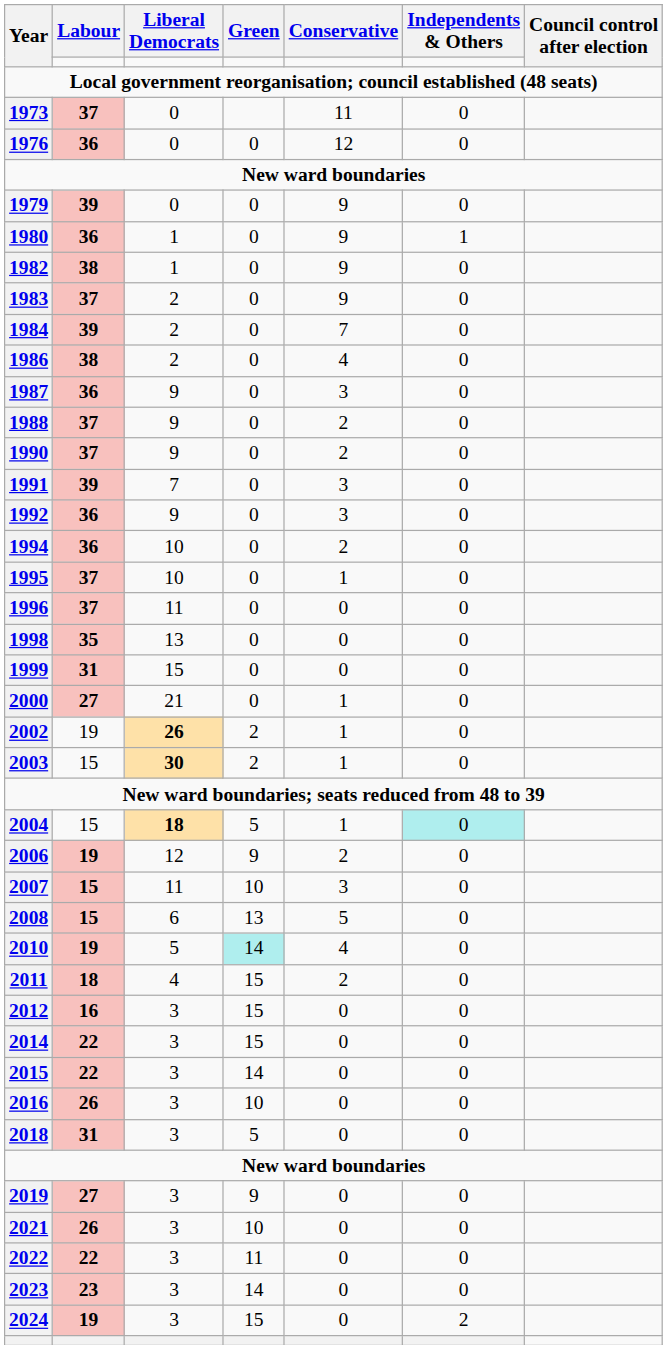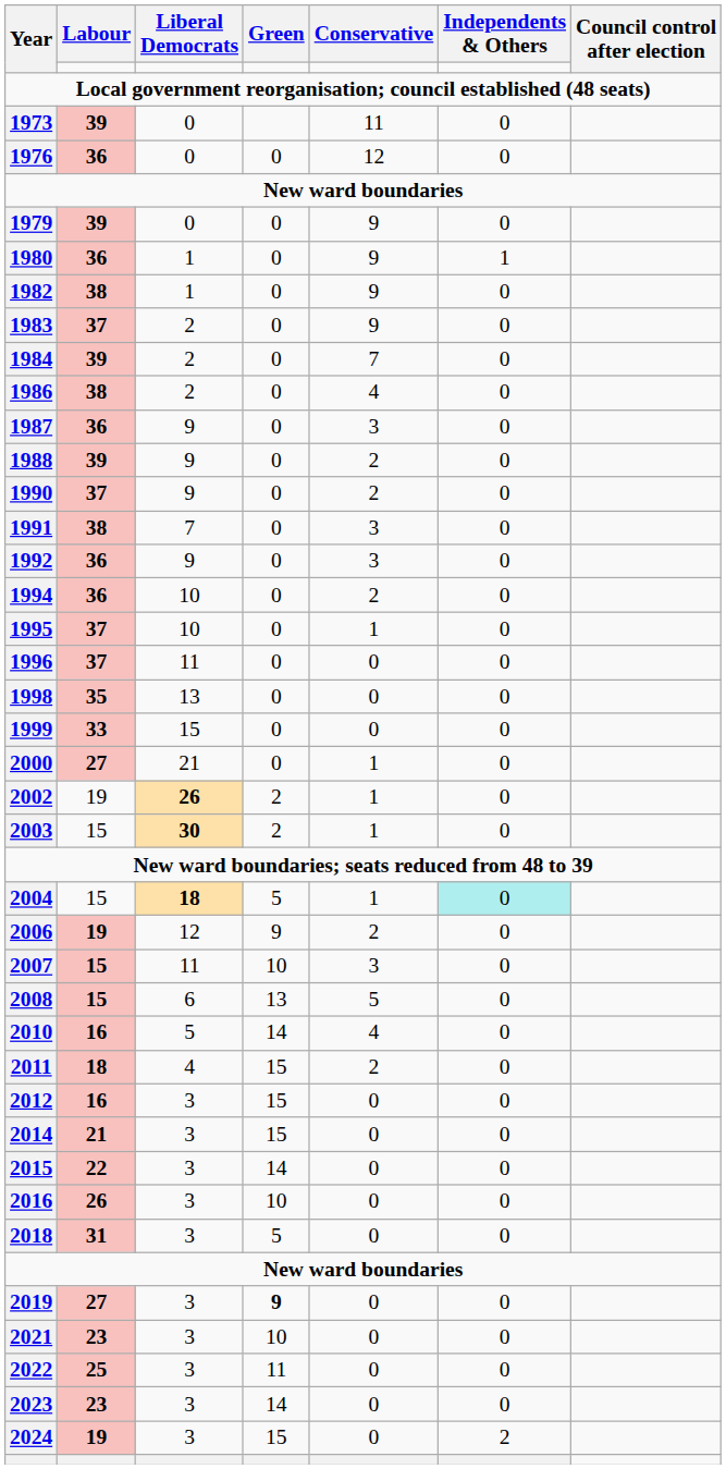 <table class="wikitable plainrowheaders" style="text-align:center">
 <tr>
 <th scope="col" rowspan="2">Year</th>
 <th scope="col"><a href='#'>Labour</a></th>
 <th scope="col" style="width:1px"><a href='#'>Liberal Democrats</a></th>
 <th scope="col"><a href='#'>Green</a></th>
 <th scope="col"><a href='#'>Conservative</a></th>
 <th scope="col"><a href='#'>Independents</a><br>& Others</th>
 <th scope="col" rowspan="2" colspan="2">Council control<br>after election</th>
 </tr>
 <tr>
 <td style="background:"></td>
 <td style="background:"></td>
 <td style="background:"></td>
 <td style="background:"></td>
 <td style="background:"></td>
 </tr>
 <tr>
 <td colspan="9"><strong>Local government reorganisation; council established (48 seats)</strong></td>
 </tr>
 <tr>
 <th scope="row"><a href='#'>1973</a></th>
-<td style="background:#F8C1BE;"><strong>37</strong></td>
+<td style="background:#F8C1BE;"><strong>39</strong></td>
 <td>0</td>
 <td></td>
 <td>11</td>
 <td>0</td>
 <td></td>
 </tr>
 <tr>
 <th scope="row"><a href='#'>1976</a></th>
 <td style="background:#F8C1BE;"><strong>36</strong></td>
 <td>0</td>
 <td>0</td>
 <td>12</td>
 <td>0</td>
 <td></td>
 </tr>
 <tr>
 <td colspan="9"><strong>New ward boundaries</strong></td>
 </tr>
 <tr>
 <th scope="row"><a href='#'>1979</a></th>
 <td style="background:#F8C1BE;"><strong>39</strong></td>
 <td>0</td>
 <td>0</td>
 <td>9</td>
 <td>0</td>
 <td></td>
 </tr>
 <tr>
 <th scope="row"><a href='#'>1980</a></th>
 <td style="background:#F8C1BE;"><strong>36</strong></td>
 <td>1</td>
 <td>0</td>
 <td>9</td>
 <td>1</td>
 <td></td>
 </tr>
 <tr>
 <th scope="row"><a href='#'>1982</a></th>
 <td style="background:#F8C1BE;"><strong>38</strong></td>
 <td>1</td>
 <td>0</td>
 <td>9</td>
 <td>0</td>
 <td></td>
 </tr>
 <tr>
 <th scope="row"><a href='#'>1983</a></th>
 <td style="background:#F8C1BE;"><strong>37</strong></td>
 <td>2</td>
 <td>0</td>
 <td>9</td>
 <td>0</td>
 <td></td>
 </tr>
 <tr>
 <th scope="row"><a href='#'>1984</a></th>
 <td style="background:#F8C1BE;"><strong>39</strong></td>
 <td>2</td>
 <td>0</td>
 <td>7</td>
 <td>0</td>
 <td></td>
 </tr>
 <tr>
 <th scope="row"><a href='#'>1986</a></th>
 <td style="background:#F8C1BE;"><strong>38</strong></td>
 <td>2</td>
 <td>0</td>
 <td>4</td>
 <td>0</td>
 <td></td>
 </tr>
 <tr>
 <th scope="row"><a href='#'>1987</a></th>
 <td style="background:#F8C1BE;"><strong>36</strong></td>
 <td>9</td>
 <td>0</td>
 <td>3</td>
 <td>0</td>
 <td></td>
 </tr>
 <tr>
 <th scope="row"><a href='#'>1988</a></th>
-<td style="background:#F8C1BE;"><strong>37</strong></td>
+<td style="background:#F8C1BE;"><strong>39</strong></td>
 <td>9</td>
 <td>0</td>
 <td>2</td>
 <td>0</td>
 <td></td>
 </tr>
 <tr>
 <th scope="row"><a href='#'>1990</a></th>
 <td style="background:#F8C1BE;"><strong>37</strong></td>
 <td>9</td>
 <td>0</td>
 <td>2</td>
 <td>0</td>
 <td></td>
 </tr>
 <tr>
 <th scope="row"><a href='#'>1991</a></th>
-<td style="background:#F8C1BE;"><strong>39</strong></td>
+<td style="background:#F8C1BE;"><strong>38</strong></td>
 <td>7</td>
 <td>0</td>
 <td>3</td>
 <td>0</td>
 <td></td>
 </tr>
 <tr>
 <th scope="row"><a href='#'>1992</a></th>
 <td style="background:#F8C1BE;"><strong>36</strong></td>
 <td>9</td>
 <td>0</td>
 <td>3</td>
 <td>0</td>
 <td></td>
 </tr>
 <tr>
 <th scope="row"><a href='#'>1994</a></th>
 <td style="background:#F8C1BE;"><strong>36</strong></td>
 <td>10</td>
 <td>0</td>
 <td>2</td>
 <td>0</td>
 <td></td>
 </tr>
 <tr>
 <th scope="row"><a href='#'>1995</a></th>
 <td style="background:#F8C1BE;"><strong>37</strong></td>
 <td>10</td>
 <td>0</td>
 <td>1</td>
 <td>0</td>
 <td></td>
 </tr>
 <tr>
 <th scope="row"><a href='#'>1996</a></th>
 <td style="background:#F8C1BE;"><strong>37</strong></td>
 <td>11</td>
 <td>0</td>
 <td>0</td>
 <td>0</td>
 <td></td>
 </tr>
 <tr>
 <th scope="row"><a href='#'>1998</a></th>
 <td style="background:#F8C1BE;"><strong>35</strong></td>
 <td>13</td>
 <td>0</td>
 <td>0</td>
 <td>0</td>
 <td></td>
 </tr>
 <tr>
 <th scope="row"><a href='#'>1999</a></th>
-<td style="background:#F8C1BE;"><strong>31</strong></td>
+<td style="background:#F8C1BE;"><strong>33</strong></td>
 <td>15</td>
 <td>0</td>
 <td>0</td>
 <td>0</td>
 <td></td>
 </tr>
 <tr>
 <th scope="row"><a href='#'>2000</a></th>
 <td style="background:#F8C1BE;"><strong>27</strong></td>
 <td>21</td>
 <td>0</td>
 <td>1</td>
 <td>0</td>
 <td></td>
 </tr>
 <tr>
 <th scope="row"><a href='#'>2002</a></th>
 <td>19</td>
 <td style="background:#FEE1A8"><strong>26</strong></td>
 <td>2</td>
 <td>1</td>
 <td>0</td>
 <td></td>
 </tr>
 <tr>
 <th scope="row"><a href='#'>2003</a></th>
 <td>15</td>
 <td style="background:#FEE1A8"><strong>30</strong></td>
 <td>2</td>
 <td>1</td>
 <td>0</td>
 <td></td>
 </tr>
 <tr>
 <td colspan="9"><strong>New ward boundaries; seats reduced from 48 to 39</strong></td>
 </tr>
 <tr>
 <th scope="row"><a href='#'>2004</a></th>
 <td>15</td>
 <td style="background:#FEE1A8"><strong>18</strong></td>
 <td>5</td>
 <td>1</td>
 <td style="background: paleturquoise;">0</td>
 <td></td>
 </tr>
 <tr>
 <th scope="row"><a href='#'>2006</a></th>
 <td style="background:#F8C1BE;"><strong>19</strong></td>
 <td>12</td>
 <td>9</td>
 <td>2</td>
 <td>0</td>
 <td></td>
 </tr>
 <tr>
 <th scope="row"><a href='#'>2007</a></th>
 <td style="background:#F8C1BE;"><strong>15</strong></td>
 <td>11</td>
 <td>10</td>
 <td>3</td>
 <td>0</td>
 <td></td>
 </tr>
 <tr>
 <th scope="row"><a href='#'>2008</a></th>
 <td style="background:#F8C1BE;"><strong>15</strong></td>
 <td>6</td>
 <td>13</td>
 <td>5</td>
 <td>0</td>
 <td></td>
 </tr>
 <tr>
 <th scope="row"><a href='#'>2010</a></th>
-<td style="background:#F8C1BE;"><strong>19</strong></td>
+<td style="background:#F8C1BE;"><strong>16</strong></td>
 <td>5</td>
-<td style="background: paleturquoise;">14</td>
+<td>14</td>
 <td>4</td>
 <td>0</td>
 <td></td>
 </tr>
 <tr>
 <th scope="row"><a href='#'>2011</a></th>
 <td style="background:#F8C1BE;"><strong>18</strong></td>
 <td>4</td>
 <td>15</td>
 <td>2</td>
 <td>0</td>
 <td></td>
 </tr>
 <tr>
 <th scope="row"><a href='#'>2012</a></th>
 <td style="background:#F8C1BE;"><strong>16</strong></td>
 <td>3</td>
 <td>15</td>
 <td>0</td>
 <td>0</td>
 <td></td>
 </tr>
 <tr>
 <th scope="row"><a href='#'>2014</a></th>
-<td style="background:#F8C1BE;"><strong>22</strong></td>
+<td style="background:#F8C1BE;"><strong>21</strong></td>
 <td>3</td>
 <td>15</td>
 <td>0</td>
 <td>0</td>
 <td></td>
 </tr>
 <tr>
 <th scope="row"><a href='#'>2015</a></th>
 <td style="background:#F8C1BE;"><strong>22</strong></td>
 <td>3</td>
 <td>14</td>
 <td>0</td>
 <td>0</td>
 <td></td>
 </tr>
 <tr>
 <th scope="row"><a href='#'>2016</a></th>
 <td style="background:#F8C1BE;"><strong>26</strong></td>
 <td>3</td>
 <td>10</td>
 <td>0</td>
 <td>0</td>
 <td></td>
 </tr>
 <tr>
 <th scope="row"><a href='#'>2018</a></th>
 <td style="background:#F8C1BE;"><strong>31</strong></td>
 <td>3</td>
 <td>5</td>
 <td>0</td>
 <td>0</td>
 <td></td>
 </tr>
 <tr>
 <td colspan="9"><strong>New ward boundaries</strong></td>
 </tr>
 <tr>
 <th scope="row"><a href='#'>2019</a></th>
 <td style="background:#F8C1BE;"><strong>27</strong></td>
 <td>3</td>
-<td>9</td>
+<td><strong>9</strong></td>
 <td>0</td>
 <td>0</td>
 <td></td>
 </tr>
 <tr>
 <th scope="row"><a href='#'>2021</a></th>
-<td style="background:#F8C1BE;"><strong>26</strong></td>
+<td style="background:#F8C1BE;"><strong>23</strong></td>
 <td>3</td>
 <td>10</td>
 <td>0</td>
 <td>0</td>
 <td></td>
 </tr>
 <tr>
 <th scope="row"><a href='#'>2022</a></th>
-<td style="background:#F8C1BE;"><strong>22</strong></td>
+<td style="background:#F8C1BE;"><strong>25</strong></td>
 <td>3</td>
 <td>11</td>
 <td>0</td>
 <td>0</td>
 <td></td>
 </tr>
 <tr>
 <th scope="row"><a href='#'>2023</a></th>
 <td style="background:#F8C1BE;"><strong>23</strong></td>
 <td>3</td>
 <td>14</td>
 <td>0</td>
 <td>0</td>
 <td></td>
 </tr>
 <tr>
 <th scope="row"><a href='#'>2024</a></th>
 <td style="background:#F8C1BE;"><strong>19</strong></td>
 <td>3</td>
 <td>15</td>
 <td>0</td>
 <td>2</td>
 <td></td>
 </tr>
 <tr>
 <th></th>
 <th style="background-color: "></th>
 <th style="background-color: "></th>
 <th style="background-color: "></th>
 <th style="background-color: "></th>
 <th style="background-color: "></th>
 </tr>
 </table>
